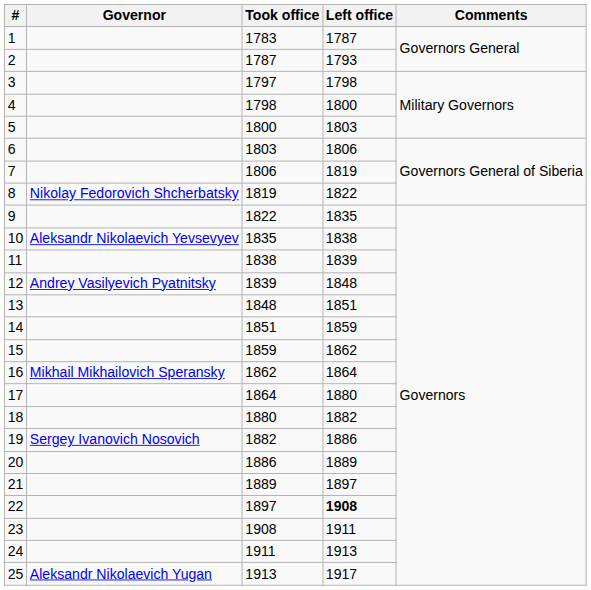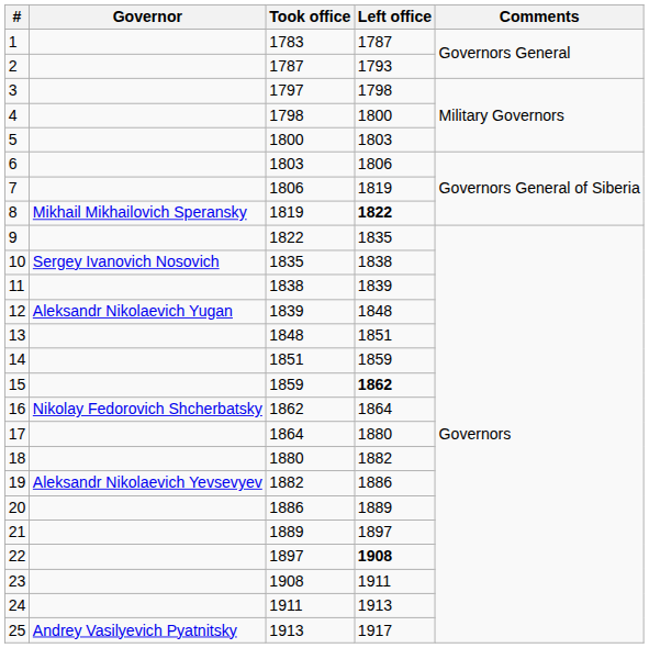 <table class="wikitable sortable">
 <tr>
 <th>#</th>
 <th>Governor</th>
 <th>Took office</th>
 <th>Left office</th>
 <th>Comments</th>
 </tr>
 <tr>
 <td>1</td>
 <td></td>
 <td>1783</td>
 <td>1787</td>
 <td rowspan=2>Governors General</td>
 </tr>
 <tr>
 <td>2</td>
 <td></td>
 <td>1787</td>
 <td>1793</td>
 </tr>
 <tr>
 <td>3</td>
 <td></td>
 <td>1797</td>
 <td>1798</td>
 <td rowspan=3>Military Governors</td>
 </tr>
 <tr>
 <td>4</td>
 <td></td>
 <td>1798</td>
 <td>1800</td>
 </tr>
 <tr>
 <td>5</td>
 <td></td>
 <td>1800</td>
 <td>1803</td>
 </tr>
 <tr>
 <td>6</td>
 <td></td>
 <td>1803</td>
 <td>1806</td>
 <td rowspan=3>Governors General of Siberia</td>
 </tr>
 <tr>
 <td>7</td>
 <td></td>
 <td>1806</td>
 <td>1819</td>
 </tr>
 <tr>
 <td>8</td>
-<td><a href='#'>Nikolay Fedorovich Shcherbatsky</a></td>
+<td><a href='#'>Mikhail Mikhailovich Speransky</a></td>
 <td>1819</td>
-<td>1822</td>
+<td><strong>1822</strong></td>
 </tr>
 <tr>
 <td>9</td>
 <td></td>
 <td>1822</td>
 <td>1835</td>
 <td rowspan=17>Governors</td>
 </tr>
 <tr>
 <td>10</td>
-<td><a href='#'>Aleksandr Nikolaevich Yevsevyev</a></td>
+<td><a href='#'>Sergey Ivanovich Nosovich</a></td>
 <td>1835</td>
 <td>1838</td>
 </tr>
 <tr>
 <td>11</td>
 <td></td>
 <td>1838</td>
 <td>1839</td>
 </tr>
 <tr>
 <td>12</td>
-<td><a href='#'>Andrey Vasilyevich Pyatnitsky</a></td>
+<td><a href='#'>Aleksandr Nikolaevich Yugan</a></td>
 <td>1839</td>
 <td>1848</td>
 </tr>
 <tr>
 <td>13</td>
 <td></td>
 <td>1848</td>
 <td>1851</td>
 </tr>
 <tr>
 <td>14</td>
 <td></td>
 <td>1851</td>
 <td>1859</td>
 </tr>
 <tr>
 <td>15</td>
 <td></td>
 <td>1859</td>
-<td>1862</td>
+<td><strong>1862</strong></td>
 </tr>
 <tr>
 <td>16</td>
-<td><a href='#'>Mikhail Mikhailovich Speransky</a></td>
+<td><a href='#'>Nikolay Fedorovich Shcherbatsky</a></td>
 <td>1862</td>
 <td>1864</td>
 </tr>
 <tr>
 <td>17</td>
 <td></td>
 <td>1864</td>
 <td>1880</td>
 </tr>
 <tr>
 <td>18</td>
 <td></td>
 <td>1880</td>
 <td>1882</td>
 </tr>
 <tr>
 <td>19</td>
-<td><a href='#'>Sergey Ivanovich Nosovich</a></td>
+<td><a href='#'>Aleksandr Nikolaevich Yevsevyev</a></td>
 <td>1882</td>
 <td>1886</td>
 </tr>
 <tr>
 <td>20</td>
 <td></td>
 <td>1886</td>
 <td>1889</td>
 </tr>
 <tr>
 <td>21</td>
 <td></td>
 <td>1889</td>
 <td>1897</td>
 </tr>
 <tr>
 <td>22</td>
 <td></td>
 <td>1897</td>
 <td><strong>1908</strong></td>
 </tr>
 <tr>
 <td>23</td>
 <td></td>
 <td>1908</td>
 <td>1911</td>
 </tr>
 <tr>
 <td>24</td>
 <td></td>
 <td>1911</td>
 <td>1913</td>
 </tr>
 <tr>
 <td>25</td>
-<td><a href='#'>Aleksandr Nikolaevich Yugan</a></td>
+<td><a href='#'>Andrey Vasilyevich Pyatnitsky</a></td>
 <td>1913</td>
 <td>1917</td>
 </tr>
 </table>
